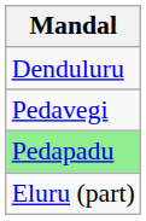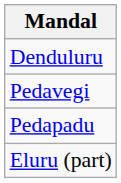 <table class="wikitable sortable static-row-numbers static-row-header-hash">
 <tr>
 <th>Mandal</th>
 </tr>
 <tr>
 <td><a href='#'>Denduluru</a></td>
 </tr>
 <tr>
 <td><a href='#'>Pedavegi</a></td>
 </tr>
 <tr>
-<td style="background: lightgreen;"><a href='#'>Pedapadu</a></td>
+<td><a href='#'>Pedapadu</a></td>
 </tr>
 <tr>
 <td><a href='#'>Eluru</a> (part)</td>
 </tr>
 </table>
